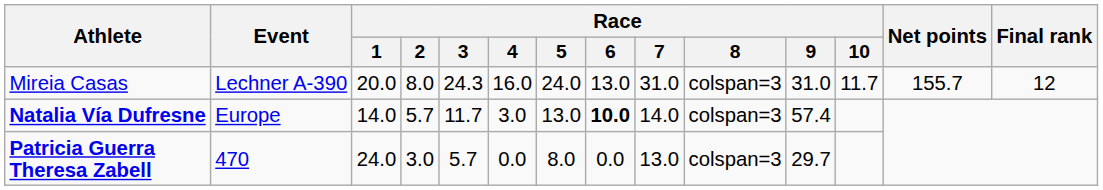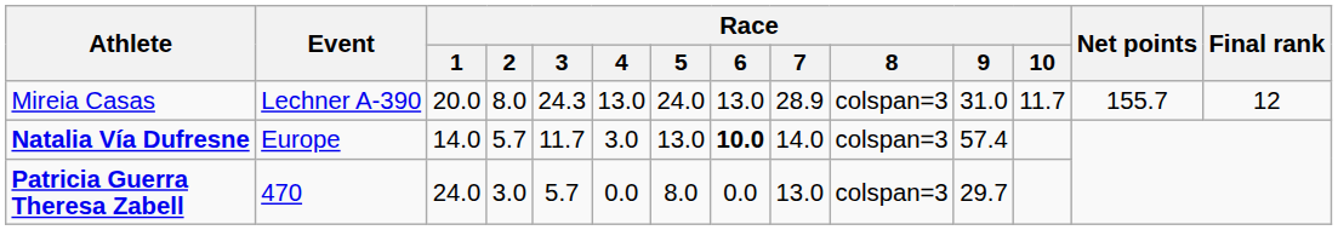 <table class="wikitable" style="font-size:90%">
 <tr>
 <th rowspan="2">Athlete</th>
 <th rowspan="2">Event</th>
 <th colspan=10>Race</th>
 <th rowspan=2>Net points</th>
 <th rowspan=2>Final rank</th>
 </tr>
 <tr style="font-size:95%">
 <th>1</th>
 <th>2</th>
 <th>3</th>
 <th>4</th>
 <th>5</th>
 <th>6</th>
 <th>7</th>
 <th>8</th>
 <th>9</th>
 <th>10</th>
 </tr>
 <tr align=center>
 <td align=left><a href='#'>Mireia Casas</a></td>
 <td align=left><a href='#'>Lechner A-390</a></td>
 <td>20.0</td>
 <td>8.0</td>
 <td>24.3</td>
-<td>16.0</td>
+<td>13.0</td>
 <td>24.0</td>
 <td>13.0</td>
-<td>31.0</td>
+<td>28.9</td>
 <td>colspan=3 </td>
 <td>31.0</td>
 <td>11.7</td>
 <td>155.7</td>
 <td>12</td>
 </tr>
 <tr align=center>
 <td align=left><strong><a href='#'>Natalia Vía Dufresne</a></strong></td>
 <td align=left><a href='#'>Europe</a></td>
 <td>14.0</td>
 <td>5.7</td>
 <td>11.7</td>
 <td>3.0</td>
 <td>13.0</td>
 <td><strong>10.0</strong></td>
 <td>14.0</td>
 <td>colspan=3 </td>
 <td>57.4</td>
 <td></td>
 </tr>
 <tr align=center>
 <td align=left><strong><a href='#'>Patricia Guerra</a><br><a href='#'>Theresa Zabell</a></strong></td>
 <td align=left><a href='#'>470</a></td>
 <td>24.0</td>
 <td>3.0</td>
 <td>5.7</td>
 <td>0.0</td>
 <td>8.0</td>
 <td>0.0</td>
 <td>13.0</td>
 <td>colspan=3 </td>
 <td>29.7</td>
 <td></td>
 </tr>
 </table>
